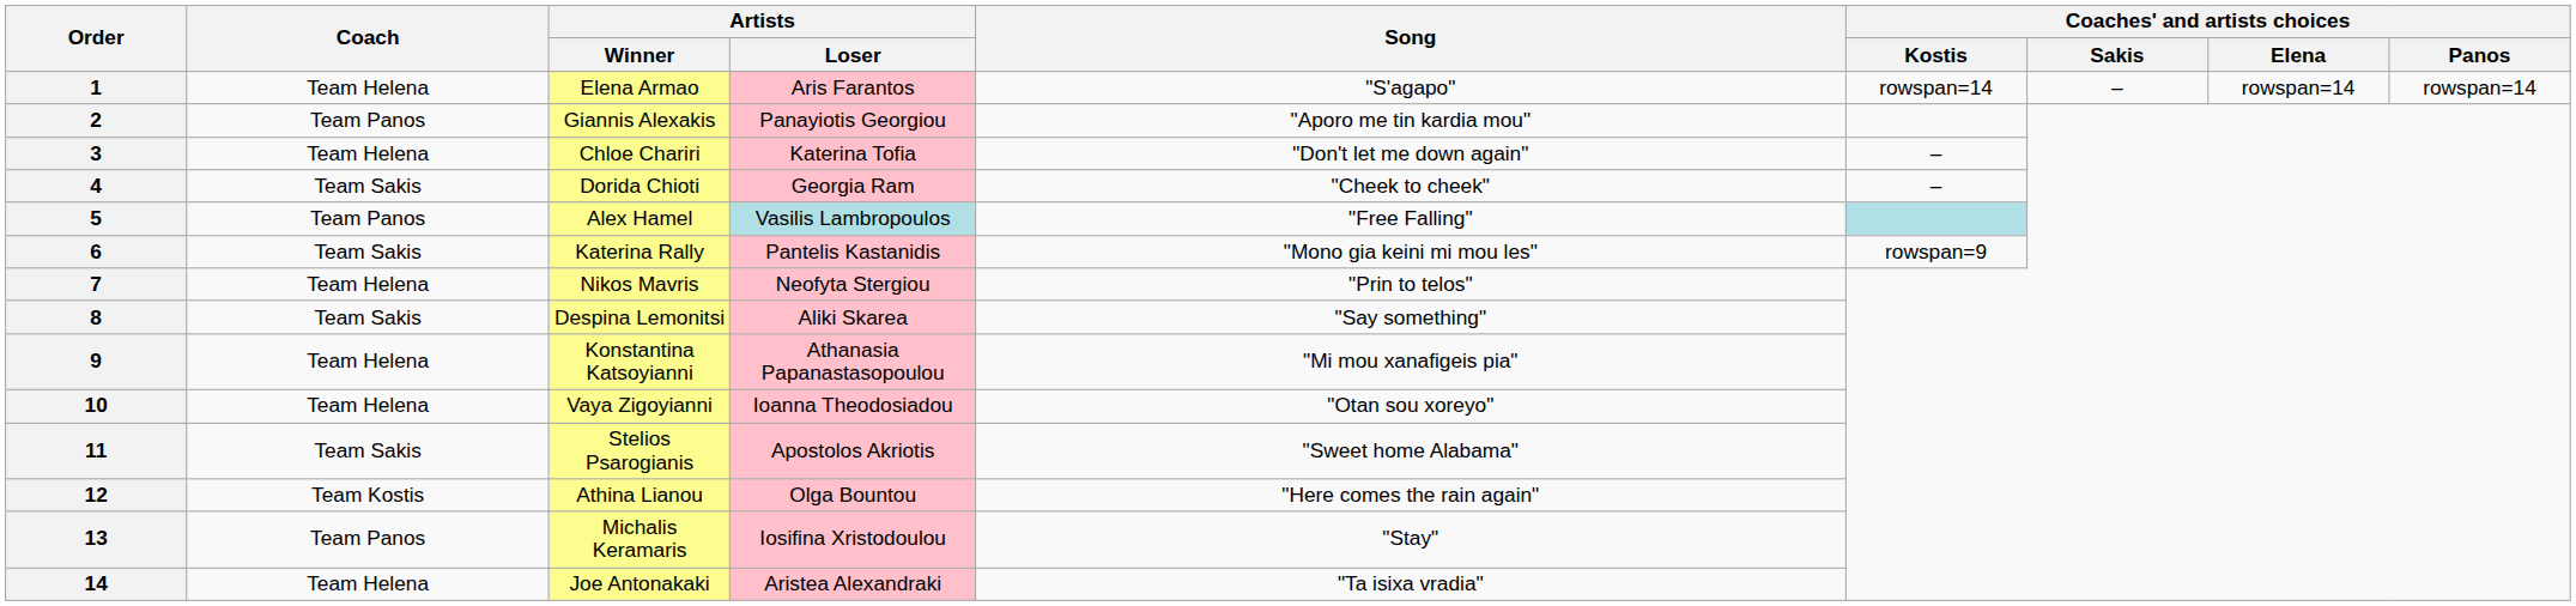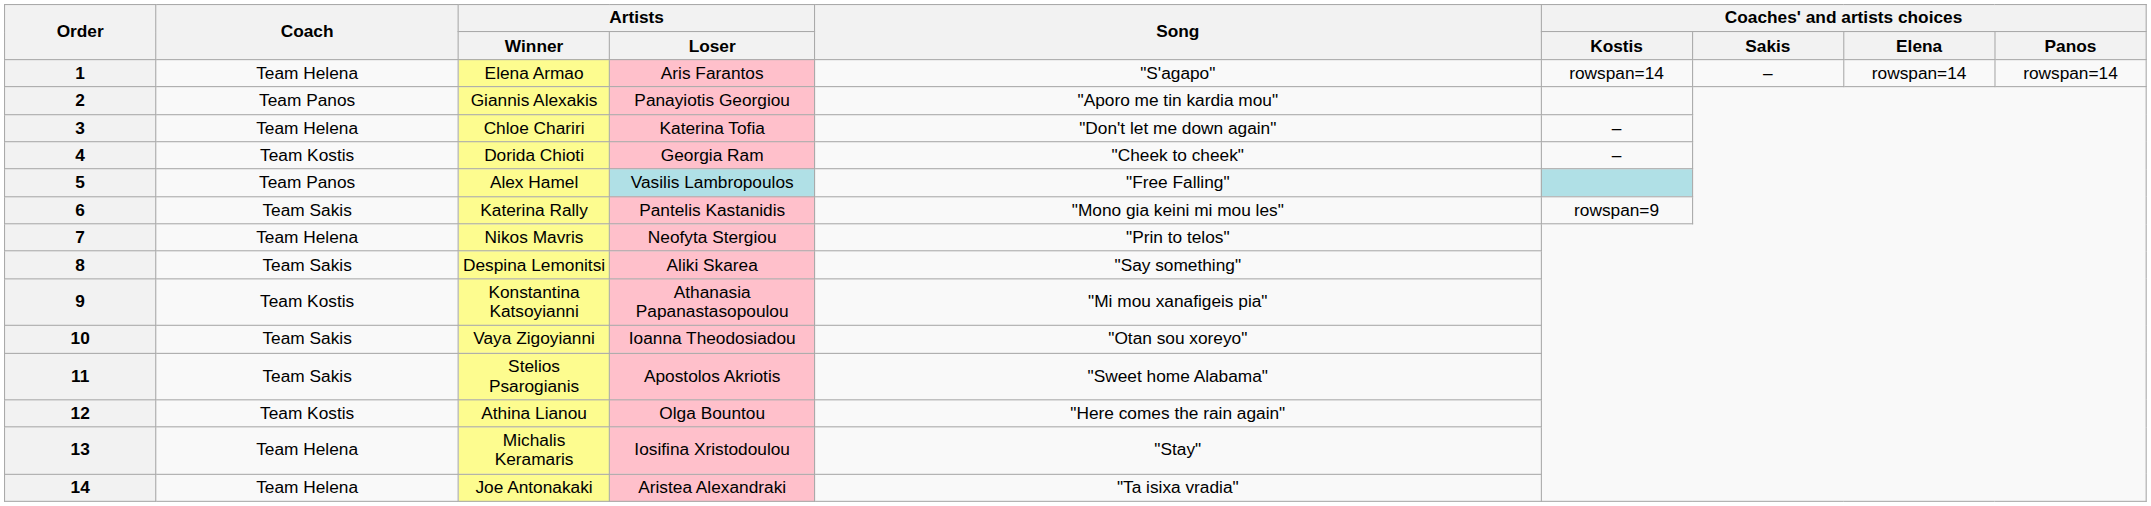 <table class="wikitable" style="text-align:center; width:100%;">
 <tr>
 <th scope="col" style="width:05%;" rowspan="2">Order</th>
 <th scope="col" style="width:10%;" rowspan="2">Coach</th>
 <th scope="col" style="width:26%;" colspan="2">Artists</th>
 <th scope="col" style="width:24%;" rowspan="2">Song</th>
 <th scope="col" style="width:20%;" colspan="4">Coaches' and artists choices</th>
 </tr>
 <tr>
 <th style="width:05%;">Winner</th>
 <th style="width:05%;">Loser</th>
 <th style="width:05%;">Kostis</th>
 <th style="width:05%;">Sakis</th>
 <th style="width:05%;">Elena</th>
 <th style="width:05%;">Panos</th>
 </tr>
 <tr>
 <th scope="col">1</th>
 <td>Team Helena</td>
 <td style="background:#fdfc8f;text-align:center;">Elena Armao</td>
 <td style="background:pink;text-align:center;">Aris Farantos</td>
 <td>"S'agapo"</td>
 <td>rowspan=14 </td>
 <td>–</td>
 <td>rowspan=14 </td>
 <td>rowspan=14 </td>
 </tr>
 <tr>
 <th scope="col">2</th>
 <td>Team Panos</td>
 <td style="background:#fdfc8f;text-align:center;">Giannis Alexakis</td>
 <td style="background:pink;text-align:center;">Panayiotis Georgiou</td>
 <td>"Aporo me tin kardia mou"</td>
 <td></td>
 </tr>
 <tr>
 <th scope="col">3</th>
 <td>Team Helena</td>
 <td style="background:#fdfc8f;text-align:center;">Chloe Chariri</td>
 <td style="background:pink;text-align:center;">Katerina Tofia</td>
 <td>"Don't let me down again"</td>
 <td>–</td>
 </tr>
 <tr>
 <th scope="col">4</th>
-<td>Team Sakis</td>
+<td>Team Kostis</td>
 <td style="background:#fdfc8f;text-align:center;">Dorida Chioti</td>
 <td style="background:pink;text-align:center;">Georgia Ram</td>
 <td>"Cheek to cheek"</td>
 <td>–</td>
 </tr>
 <tr>
 <th scope="col">5</th>
 <td>Team Panos</td>
 <td style="background:#fdfc8f;text-align:center;">Alex Hamel</td>
 <td style="background:#b0e0e6;text-align:center;">Vasilis Lambropoulos</td>
 <td>"Free Falling"</td>
 <td style="background:#b0e0e6;"></td>
 </tr>
 <tr>
 <th scope="col">6</th>
 <td>Team Sakis</td>
 <td style="background:#fdfc8f;text-align:center;">Katerina Rally</td>
 <td style="background:pink;text-align:center;">Pantelis Kastanidis</td>
 <td>"Mono gia keini mi mou les"</td>
 <td>rowspan=9 </td>
 </tr>
 <tr>
 <th scope="col">7</th>
 <td>Team Helena</td>
 <td style="background:#fdfc8f;text-align:center;">Nikos Mavris</td>
 <td style="background:pink;text-align:center;">Neofyta Stergiou</td>
 <td>"Prin to telos"</td>
 </tr>
 <tr>
 <th scope="col">8</th>
 <td>Team Sakis</td>
 <td style="background:#fdfc8f;text-align:center;">Despina Lemonitsi</td>
 <td style="background:pink;text-align:center;">Aliki Skarea</td>
 <td>"Say something"</td>
 </tr>
 <tr>
 <th scope="col">9</th>
-<td>Team Helena</td>
+<td>Team Kostis</td>
 <td style="background:#fdfc8f;text-align:center;">Konstantina Katsoyianni</td>
 <td style="background:pink;text-align:center;">Athanasia Papanastasopoulou</td>
 <td>"Mi mou xanafigeis pia"</td>
 </tr>
 <tr>
 <th scope="col">10</th>
-<td>Team Helena</td>
+<td>Team Sakis</td>
 <td style="background:#fdfc8f;text-align:center;">Vaya Zigoyianni</td>
 <td style="background:pink;text-align:center;">Ioanna Theodosiadou</td>
 <td>"Otan sou xoreyo"</td>
 </tr>
 <tr>
 <th scope="col">11</th>
 <td>Team Sakis</td>
 <td style="background:#fdfc8f;text-align:center;">Stelios Psarogianis</td>
 <td style="background:pink;text-align:center;">Apostolos Akriotis</td>
 <td>"Sweet home Alabama"</td>
 </tr>
 <tr>
 <th scope="col">12</th>
 <td>Team Kostis</td>
 <td style="background:#fdfc8f;text-align:center;">Athina Lianou</td>
 <td style="background:pink;text-align:center;">Olga Bountou</td>
 <td>"Here comes the rain again"</td>
 </tr>
 <tr>
 <th scope="col">13</th>
-<td>Team Panos</td>
+<td>Team Helena</td>
 <td style="background:#fdfc8f;text-align:center;">Michalis Keramaris</td>
 <td style="background:pink;text-align:center;">Iosifina Xristodoulou</td>
 <td>"Stay"</td>
 </tr>
 <tr>
 <th scope="col">14</th>
 <td>Team Helena</td>
 <td style="background:#fdfc8f;text-align:center;">Joe Antonakaki</td>
 <td style="background:pink;text-align:center;">Aristea Alexandraki</td>
 <td>"Ta isixa vradia"</td>
 </tr>
 </table>
